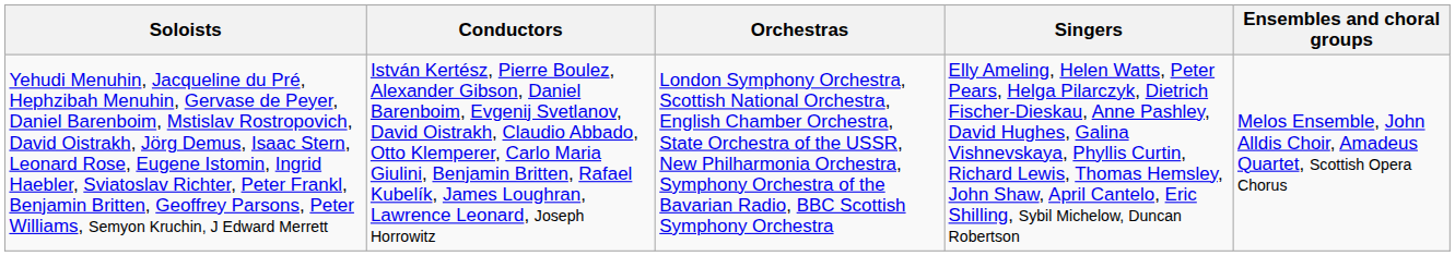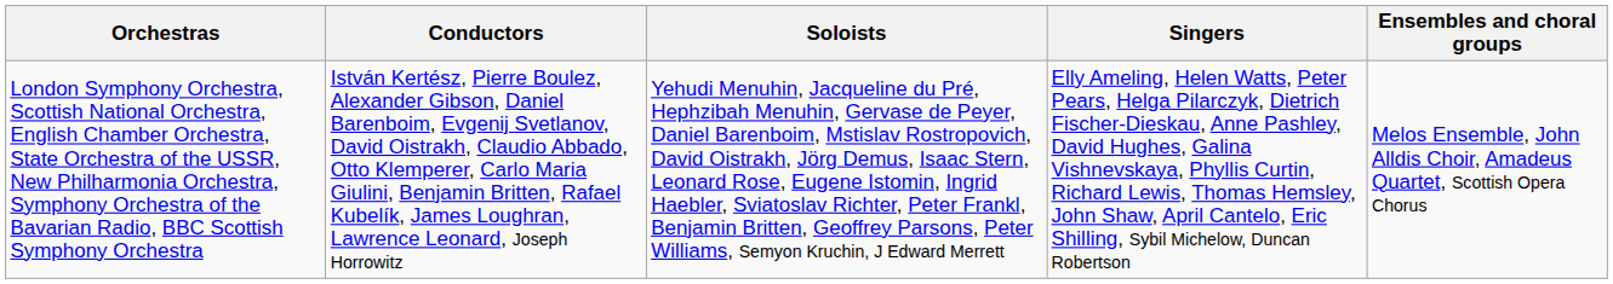 <table class="wikitable toptextcells">
 <tr class="hintergrundfarbe5">
+<th style="width:20%;">Orchestras</th>
+<th style="width:20%;">Conductors</th>
 <th style="width:25%;">Soloists</th>
-<th style="width:20%;">Conductors</th>
-<th style="width:20%;">Orchestras</th>
 <th style="width:20%;">Singers</th>
 <th style="width:15%;">Ensembles and choral groups</th>
 </tr>
 <tr>
+<td><a href='#'>London Symphony Orchestra</a>, <a href='#'>Scottish National Orchestra</a>, <a href='#'>English Chamber Orchestra</a>, <a href='#'>State Orchestra of the USSR</a>, <a href='#'>New Philharmonia Orchestra</a>, <a href='#'>Symphony Orchestra of the Bavarian Radio</a>, <a href='#'>BBC Scottish Symphony Orchestra</a></td>
+<td><a href='#'>István Kertész</a>, <a href='#'>Pierre Boulez</a>, <a href='#'>Alexander Gibson</a>, <a href='#'>Daniel Barenboim</a>, <a href='#'>Evgenij Svetlanov</a>, <a href='#'>David Oistrakh</a>, <a href='#'>Claudio Abbado</a>, <a href='#'>Otto Klemperer</a>, <a href='#'>Carlo Maria Giulini</a>, <a href='#'>Benjamin Britten</a>, <a href='#'>Rafael Kubelík</a>, <a href='#'>James Loughran</a>, <a href='#'>Lawrence Leonard</a>, <small>Joseph Horrowitz</small></td>
 <td><a href='#'>Yehudi Menuhin</a>, <a href='#'>Jacqueline du Pré</a>, <a href='#'>Hephzibah Menuhin</a>, <a href='#'>Gervase de Peyer</a>, <a href='#'>Daniel Barenboim</a>, <a href='#'>Mstislav Rostropovich</a>, <a href='#'>David Oistrakh</a>, <a href='#'>Jörg Demus</a>, <a href='#'>Isaac Stern</a>, <a href='#'>Leonard Rose</a>, <a href='#'>Eugene Istomin</a>, <a href='#'>Ingrid Haebler</a>, <a href='#'>Sviatoslav Richter</a>, <a href='#'>Peter Frankl</a>, <a href='#'>Benjamin Britten</a>, <a href='#'>Geoffrey Parsons</a>, <a href='#'>Peter Williams</a>, <small>Semyon Kruchin, J Edward Merrett</small></td>
-<td><a href='#'>István Kertész</a>, <a href='#'>Pierre Boulez</a>, <a href='#'>Alexander Gibson</a>, <a href='#'>Daniel Barenboim</a>, <a href='#'>Evgenij Svetlanov</a>, <a href='#'>David Oistrakh</a>, <a href='#'>Claudio Abbado</a>, <a href='#'>Otto Klemperer</a>, <a href='#'>Carlo Maria Giulini</a>, <a href='#'>Benjamin Britten</a>, <a href='#'>Rafael Kubelík</a>, <a href='#'>James Loughran</a>, <a href='#'>Lawrence Leonard</a>, <small>Joseph Horrowitz</small></td>
-<td><a href='#'>London Symphony Orchestra</a>, <a href='#'>Scottish National Orchestra</a>, <a href='#'>English Chamber Orchestra</a>, <a href='#'>State Orchestra of the USSR</a>, <a href='#'>New Philharmonia Orchestra</a>, <a href='#'>Symphony Orchestra of the Bavarian Radio</a>, <a href='#'>BBC Scottish Symphony Orchestra</a></td>
 <td><a href='#'>Elly Ameling</a>, <a href='#'>Helen Watts</a>, <a href='#'>Peter Pears</a>, <a href='#'>Helga Pilarczyk</a>, <a href='#'>Dietrich Fischer-Dieskau</a>, <a href='#'>Anne Pashley</a>,  <a href='#'>David Hughes</a>, <a href='#'>Galina Vishnevskaya</a>, <a href='#'>Phyllis Curtin</a>,  <a href='#'>Richard Lewis</a>, <a href='#'>Thomas Hemsley</a>, <a href='#'>John Shaw</a>, <a href='#'>April Cantelo</a>, <a href='#'>Eric Shilling</a>, <small>Sybil Michelow, Duncan Robertson</small></td>
 <td><a href='#'>Melos Ensemble</a>, <a href='#'>John Alldis Choir</a>, <a href='#'>Amadeus Quartet</a>, <small>Scottish Opera Chorus</small></td>
 </tr>
 </table>
